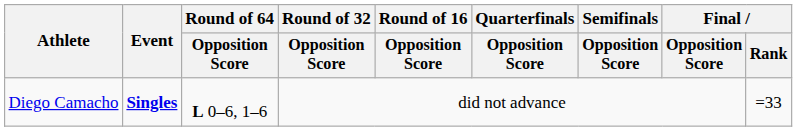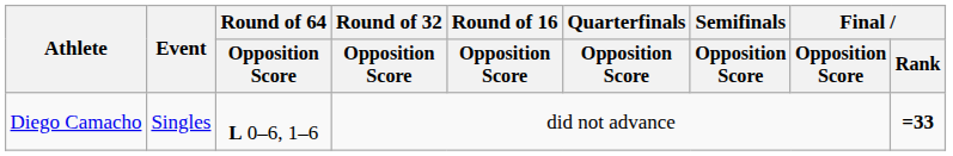 <table class=wikitable style=font-size:90%;text-align:center>
 <tr>
 <th rowspan=2>Athlete</th>
 <th rowspan=2>Event</th>
 <th>Round of 64</th>
 <th>Round of 32</th>
 <th>Round of 16</th>
 <th>Quarterfinals</th>
 <th>Semifinals</th>
 <th colspan=2>Final / </th>
 </tr>
 <tr style=font-size:95%>
 <th>Opposition<br>Score</th>
 <th>Opposition<br>Score</th>
 <th>Opposition<br>Score</th>
 <th>Opposition<br>Score</th>
 <th>Opposition<br>Score</th>
 <th>Opposition<br>Score</th>
 <th>Rank</th>
 </tr>
 <tr>
 <td align=left><a href='#'>Diego Camacho</a></td>
-<td align=left><strong><a href='#'>Singles</a></strong></td>
+<td align=left><a href='#'>Singles</a></td>
 <td><br><strong>L</strong> 0–6, 1–6</td>
 <td colspan=5>did not advance</td>
-<td>=33</td>
+<td><strong>=33</strong></td>
 </tr>
 </table>
